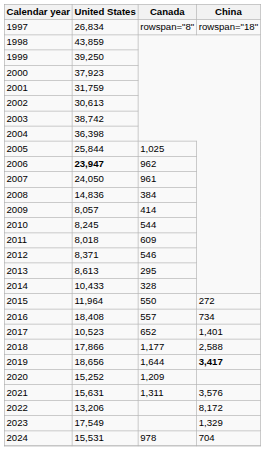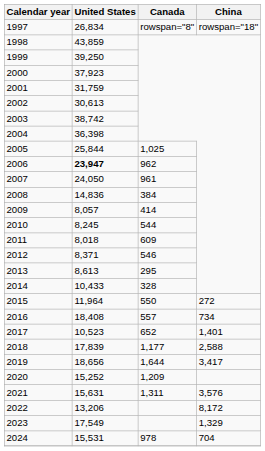 <table class="wikitable">
 <tr>
 <th>Calendar year</th>
 <th>United States</th>
 <th>Canada</th>
 <th>China</th>
 </tr>
 <tr>
 <td>1997</td>
 <td>26,834</td>
 <td>rowspan="8" </td>
 <td>rowspan="18" </td>
 </tr>
 <tr>
 <td>1998</td>
 <td>43,859</td>
 </tr>
 <tr>
 <td>1999</td>
 <td>39,250</td>
 </tr>
 <tr>
 <td>2000</td>
 <td>37,923</td>
 </tr>
 <tr>
 <td>2001</td>
 <td>31,759</td>
 </tr>
 <tr>
 <td>2002</td>
 <td>30,613</td>
 </tr>
 <tr>
 <td>2003</td>
 <td>38,742</td>
 </tr>
 <tr>
 <td>2004</td>
 <td>36,398</td>
 </tr>
 <tr>
 <td>2005</td>
 <td>25,844</td>
 <td>1,025</td>
 </tr>
 <tr>
 <td>2006</td>
 <td><strong>23,947</strong></td>
 <td>962</td>
 </tr>
 <tr>
 <td>2007</td>
 <td>24,050</td>
 <td>961</td>
 </tr>
 <tr>
 <td>2008</td>
 <td>14,836</td>
 <td>384</td>
 </tr>
 <tr>
 <td>2009</td>
 <td>8,057</td>
 <td>414</td>
 </tr>
 <tr>
 <td>2010</td>
 <td>8,245</td>
 <td>544</td>
 </tr>
 <tr>
 <td>2011</td>
 <td>8,018</td>
 <td>609</td>
 </tr>
 <tr>
 <td>2012</td>
 <td>8,371</td>
 <td>546</td>
 </tr>
 <tr>
 <td>2013</td>
 <td>8,613</td>
 <td>295</td>
 </tr>
 <tr>
 <td>2014</td>
 <td>10,433</td>
 <td>328</td>
 </tr>
 <tr>
 <td>2015</td>
 <td>11,964</td>
 <td>550</td>
 <td>272</td>
 </tr>
 <tr>
 <td>2016</td>
 <td>18,408</td>
 <td>557</td>
 <td>734</td>
 </tr>
 <tr>
 <td>2017</td>
 <td>10,523</td>
 <td>652</td>
 <td>1,401</td>
 </tr>
 <tr>
 <td>2018</td>
-<td>17,866</td>
+<td>17,839</td>
 <td>1,177</td>
 <td>2,588</td>
 </tr>
 <tr>
 <td>2019</td>
 <td>18,656</td>
 <td>1,644</td>
-<td><strong>3,417</strong></td>
+<td>3,417</td>
 </tr>
 <tr>
 <td>2020</td>
 <td>15,252</td>
 <td>1,209</td>
 <td></td>
 </tr>
 <tr>
 <td>2021</td>
 <td>15,631</td>
 <td>1,311</td>
 <td>3,576</td>
 </tr>
 <tr>
 <td>2022</td>
 <td>13,206</td>
 <td></td>
 <td>8,172</td>
 </tr>
 <tr>
 <td>2023</td>
 <td>17,549</td>
 <td></td>
 <td>1,329</td>
 </tr>
 <tr>
 <td>2024</td>
 <td>15,531</td>
 <td>978</td>
 <td>704</td>
 </tr>
 <tr>
 </tr>
 </table>
